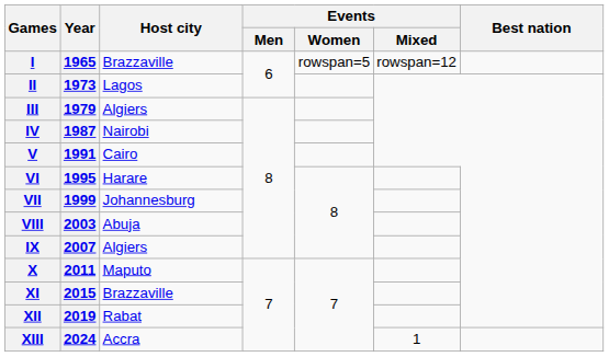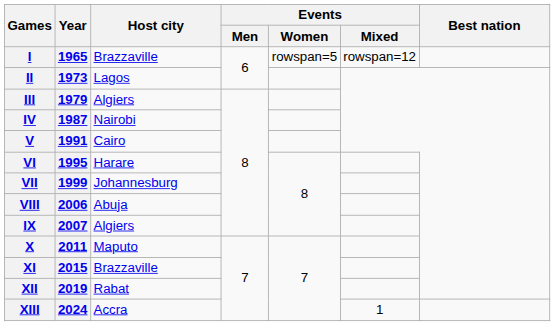 <table class=wikitable style="text-align:center">
 <tr>
 <th rowspan=2>Games</th>
 <th rowspan=2>Year</th>
 <th width=150 rowspan=2>Host city</th>
 <th colspan=3>Events</th>
 <th width=150 rowspan=2>Best nation</th>
 </tr>
 <tr>
 <th width=50>Men</th>
 <th width=50>Women</th>
 <th width=50>Mixed</th>
 </tr>
 <tr>
 <th><a href='#'>I</a></th>
 <th><a href='#'>1965</a></th>
 <td align=left> <a href='#'>Brazzaville</a></td>
 <td rowspan=2>6</td>
 <td>rowspan=5 </td>
 <td>rowspan=12 </td>
 <td align=left></td>
 </tr>
 <tr>
 <th><a href='#'>II</a></th>
 <th><a href='#'>1973</a></th>
 <td align=left> <a href='#'>Lagos</a></td>
 <td align=left></td>
 </tr>
 <tr>
 <th><a href='#'>III</a></th>
 <th><a href='#'>1979</a></th>
 <td align=left> <a href='#'>Algiers</a></td>
 <td rowspan=7>8</td>
 <td align=left></td>
 </tr>
 <tr>
 <th><a href='#'>IV</a></th>
 <th><a href='#'>1987</a></th>
 <td align=left> <a href='#'>Nairobi</a></td>
 <td align=left></td>
 </tr>
 <tr>
 <th><a href='#'>V</a></th>
 <th><a href='#'>1991</a></th>
 <td align=left> <a href='#'>Cairo</a></td>
 <td align=left></td>
 </tr>
 <tr>
 <th><a href='#'>VI</a></th>
 <th><a href='#'>1995</a></th>
 <td align=left> <a href='#'>Harare</a></td>
 <td rowspan=4>8</td>
 <td align=left></td>
 </tr>
 <tr>
 <th><a href='#'>VII</a></th>
 <th><a href='#'>1999</a></th>
 <td align=left> <a href='#'>Johannesburg</a></td>
 <td align=left></td>
 </tr>
 <tr>
 <th><a href='#'>VIII</a></th>
-<th><a href='#'>2003</a></th>
+<th><a href='#'>2006</a></th>
 <td align=left> <a href='#'>Abuja</a></td>
 <td align=left></td>
 </tr>
 <tr>
 <th><a href='#'>IX</a></th>
 <th><a href='#'>2007</a></th>
 <td align=left> <a href='#'>Algiers</a></td>
 <td align=left></td>
 </tr>
 <tr>
 <th><a href='#'>X</a></th>
 <th><a href='#'>2011</a></th>
 <td align=left> <a href='#'>Maputo</a></td>
 <td rowspan=4>7</td>
 <td rowspan=4>7</td>
 <td align=left></td>
 </tr>
 <tr>
 <th><a href='#'>XI</a></th>
 <th><a href='#'>2015</a></th>
 <td align=left> <a href='#'>Brazzaville</a></td>
 <td align=left></td>
 </tr>
 <tr>
 <th><a href='#'>XII</a></th>
 <th><a href='#'>2019</a></th>
 <td align=left> <a href='#'>Rabat</a></td>
 <td align=left></td>
 </tr>
 <tr>
 <th><a href='#'>XIII</a></th>
 <th><a href='#'>2024</a></th>
 <td align=left> <a href='#'>Accra</a></td>
 <td>1</td>
 <td align=left></td>
 </tr>
 </table>
